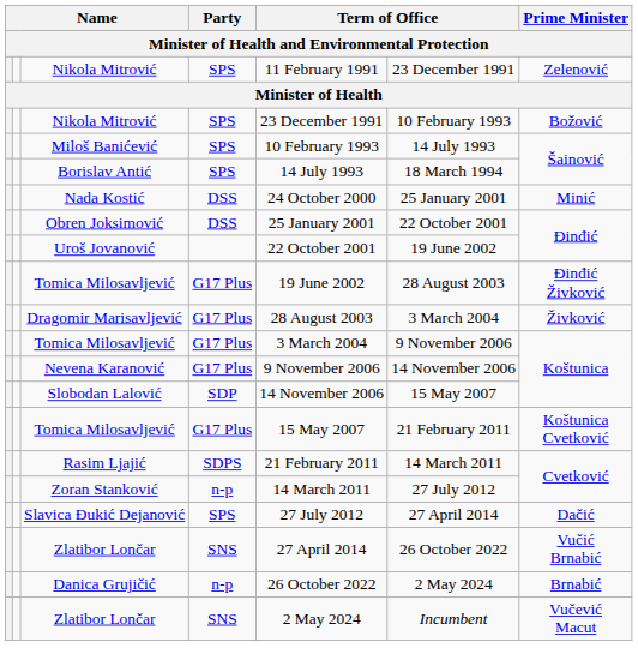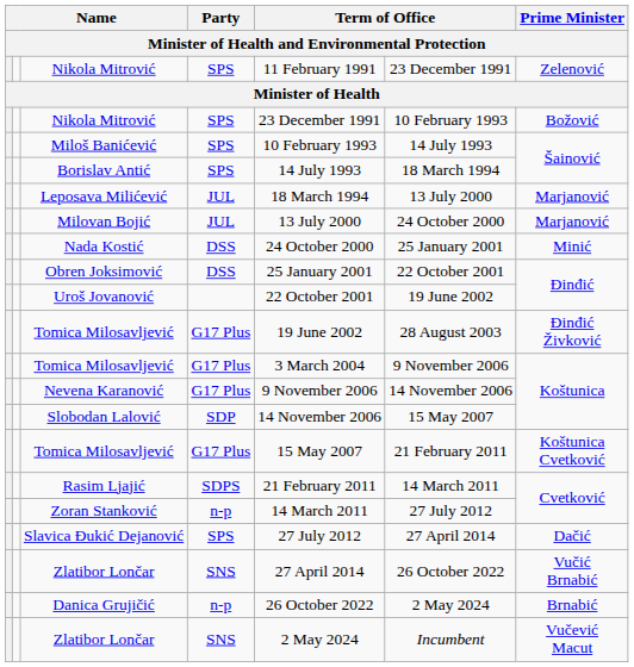 <table class="wikitable" style="text-align:center;">
 <tr>
 <th colspan=3>Name<br></th>
 <th>Party</th>
 <th colspan=2>Term of Office</th>
 <th><a href='#'>Prime Minister</a><br></th>
 </tr>
 <tr>
 <th colspan="7">Minister of Health and Environmental Protection</th>
 </tr>
 <tr>
 <th style="background:"></th>
 <td></td>
 <td><a href='#'>Nikola Mitrović</a><br></td>
 <td><a href='#'>SPS</a></td>
 <td>11 February 1991</td>
 <td>23 December 1991</td>
 <td><a href='#'>Zelenović</a> </td>
 </tr>
 <tr>
 <th colspan="7">Minister of Health</th>
 </tr>
 <tr>
 <th style="background:"></th>
 <td></td>
 <td><a href='#'>Nikola Mitrović</a><br></td>
 <td><a href='#'>SPS</a></td>
 <td>23 December 1991</td>
 <td>10 February 1993</td>
 <td><a href='#'>Božović</a> </td>
 </tr>
 <tr>
 <th style="background:"></th>
 <td></td>
 <td><a href='#'>Miloš Banićević</a><br></td>
 <td><a href='#'>SPS</a></td>
 <td>10 February 1993</td>
 <td>14 July 1993</td>
 <td rowspan=2><a href='#'>Šainović</a> </td>
 </tr>
 <tr>
 <th style="background:"></th>
 <td></td>
 <td><a href='#'>Borislav Antić</a><br></td>
 <td><a href='#'>SPS</a></td>
 <td>14 July 1993</td>
 <td>18 March 1994</td>
 </tr>
 <tr>
 <th style="background:"></th>
 <td></td>
+<td><a href='#'>Leposava Milićević</a><br></td>
+<td><a href='#'>JUL</a></td>
+<td>18 March 1994</td>
+<td>13 July 2000</td>
+<td><a href='#'>Marjanović</a> </td>
+</tr>
+<tr>
+<th style="background:"></th>
+<td></td>
+<td><a href='#'>Milovan Bojić</a><br></td>
+<td><a href='#'>JUL</a></td>
+<td>13 July 2000</td>
+<td>24 October 2000</td>
+<td><a href='#'>Marjanović</a> </td>
+</tr>
+<tr>
+<th style="background:"></th>
+<td></td>
 <td><a href='#'>Nada Kostić</a><br></td>
 <td><a href='#'>DSS</a></td>
 <td>24 October 2000</td>
 <td>25 January 2001</td>
 <td><a href='#'>Minić</a> </td>
 </tr>
 <tr>
 <th style="background:"></th>
 <td></td>
 <td><a href='#'>Obren Joksimović</a><br></td>
 <td><a href='#'>DSS</a></td>
 <td>25 January 2001</td>
 <td>22 October 2001</td>
 <td rowspan=2><a href='#'>Đinđić</a> </td>
 </tr>
 <tr>
 <th style="background:;"></th>
 <td></td>
 <td><a href='#'>Uroš Jovanović</a><br></td>
 <td></td>
 <td>22 October 2001</td>
 <td>19 June 2002</td>
 </tr>
 <tr>
 <th style="background:"></th>
 <td></td>
 <td><a href='#'>Tomica Milosavljević</a><br></td>
 <td><a href='#'>G17 Plus</a></td>
 <td>19 June 2002</td>
 <td>28 August 2003</td>
 <td><a href='#'>Đinđić</a> <br><a href='#'>Živković</a> </td>
-</tr>
-<tr>
-<th style="background:"></th>
-<td></td>
-<td><a href='#'>Dragomir Marisavljević</a><br></td>
-<td><a href='#'>G17 Plus</a></td>
-<td>28 August 2003</td>
-<td>3 March 2004</td>
-<td><a href='#'>Živković</a> </td>
 </tr>
 <tr>
 <th style="background:"></th>
 <td></td>
 <td><a href='#'>Tomica Milosavljević</a><br></td>
 <td><a href='#'>G17 Plus</a></td>
 <td>3 March 2004</td>
 <td>9 November 2006</td>
 <td rowspan=3><a href='#'>Koštunica</a> </td>
 </tr>
 <tr>
 <th style="background:"></th>
 <td></td>
 <td><a href='#'>Nevena Karanović</a><br></td>
 <td><a href='#'>G17 Plus</a></td>
 <td>9 November 2006</td>
 <td>14 November 2006</td>
 </tr>
 <tr>
 <th style="background:"></th>
 <td></td>
 <td><a href='#'>Slobodan Lalović</a><br></td>
 <td><a href='#'>SDP</a></td>
 <td>14 November 2006</td>
 <td>15 May 2007</td>
 </tr>
 <tr>
 <th style="background:"></th>
 <td></td>
 <td><a href='#'>Tomica Milosavljević</a><br></td>
 <td><a href='#'>G17 Plus</a></td>
 <td>15 May 2007</td>
 <td>21 February 2011</td>
 <td><a href='#'>Koštunica</a> <br><a href='#'>Cvetković</a> </td>
 </tr>
 <tr>
 <th style="background:"></th>
 <td></td>
 <td><a href='#'>Rasim Ljajić</a><br></td>
 <td><a href='#'>SDPS</a></td>
 <td>21 February 2011</td>
 <td>14 March 2011</td>
 <td rowspan=2><a href='#'>Cvetković</a> </td>
 </tr>
 <tr>
 <th style="background:"></th>
 <td></td>
 <td><a href='#'>Zoran Stanković</a><br></td>
 <td><a href='#'>n-p</a></td>
 <td>14 March 2011</td>
 <td>27 July 2012</td>
 </tr>
 <tr>
 <th style="background:"></th>
 <td></td>
 <td><a href='#'>Slavica Đukić Dejanović</a><br></td>
 <td><a href='#'>SPS</a></td>
 <td>27 July 2012</td>
 <td>27 April 2014</td>
 <td><a href='#'>Dačić</a> </td>
 </tr>
 <tr>
 <th style="background:"></th>
 <td></td>
 <td><a href='#'>Zlatibor Lončar</a><br></td>
 <td><a href='#'>SNS</a></td>
 <td>27 April 2014</td>
 <td>26 October 2022</td>
 <td><a href='#'>Vučić</a> <br><a href='#'>Brnabić</a> </td>
 </tr>
 <tr>
 <th style="background:"></th>
 <td></td>
 <td><a href='#'>Danica Grujičić</a><br></td>
 <td><a href='#'>n-p</a></td>
 <td>26 October 2022</td>
 <td>2 May 2024</td>
 <td><a href='#'>Brnabić</a> </td>
 </tr>
 <tr>
 <th style="background:"></th>
 <td></td>
 <td><a href='#'>Zlatibor Lončar</a><br></td>
 <td><a href='#'>SNS</a></td>
 <td>2 May 2024</td>
 <td><em>Incumbent</em></td>
 <td><a href='#'>Vučević</a> <br><a href='#'>Macut</a> </td>
 </tr>
 </table>
